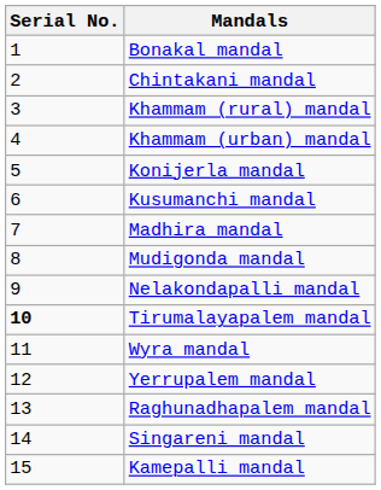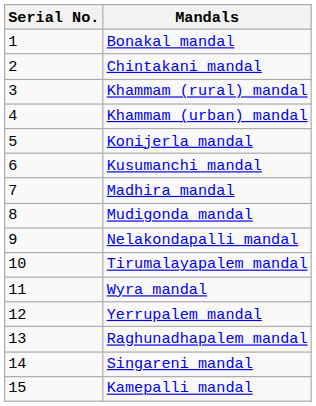 <table class="wikitable">
 <tr>
 <th>Serial No.</th>
 <th>Mandals</th>
 </tr>
 <tr>
 <td>1</td>
 <td><a href='#'>Bonakal mandal</a></td>
 </tr>
 <tr>
 <td>2</td>
 <td><a href='#'>Chintakani mandal</a></td>
 </tr>
 <tr>
 <td>3</td>
 <td><a href='#'>Khammam (rural) mandal</a></td>
 </tr>
 <tr>
 <td>4</td>
 <td><a href='#'>Khammam (urban) mandal</a></td>
 </tr>
 <tr>
 <td>5</td>
 <td><a href='#'>Konijerla mandal</a></td>
 </tr>
 <tr>
 <td>6</td>
 <td><a href='#'>Kusumanchi mandal</a></td>
 </tr>
 <tr>
 <td>7</td>
 <td><a href='#'>Madhira mandal</a></td>
 </tr>
 <tr>
 <td>8</td>
 <td><a href='#'>Mudigonda mandal</a></td>
 </tr>
 <tr>
 <td>9</td>
 <td><a href='#'>Nelakondapalli mandal</a></td>
 </tr>
 <tr>
-<td><strong>10</strong></td>
+<td>10</td>
 <td><a href='#'>Tirumalayapalem mandal</a></td>
 </tr>
 <tr>
 <td>11</td>
 <td><a href='#'>Wyra mandal</a></td>
 </tr>
 <tr>
 <td>12</td>
 <td><a href='#'>Yerrupalem mandal</a></td>
 </tr>
 <tr>
 <td>13</td>
 <td><a href='#'>Raghunadhapalem mandal</a></td>
 </tr>
 <tr>
 <td>14</td>
 <td><a href='#'>Singareni mandal</a></td>
 </tr>
 <tr>
 <td>15</td>
 <td><a href='#'>Kamepalli mandal</a></td>
 </tr>
 </table>
